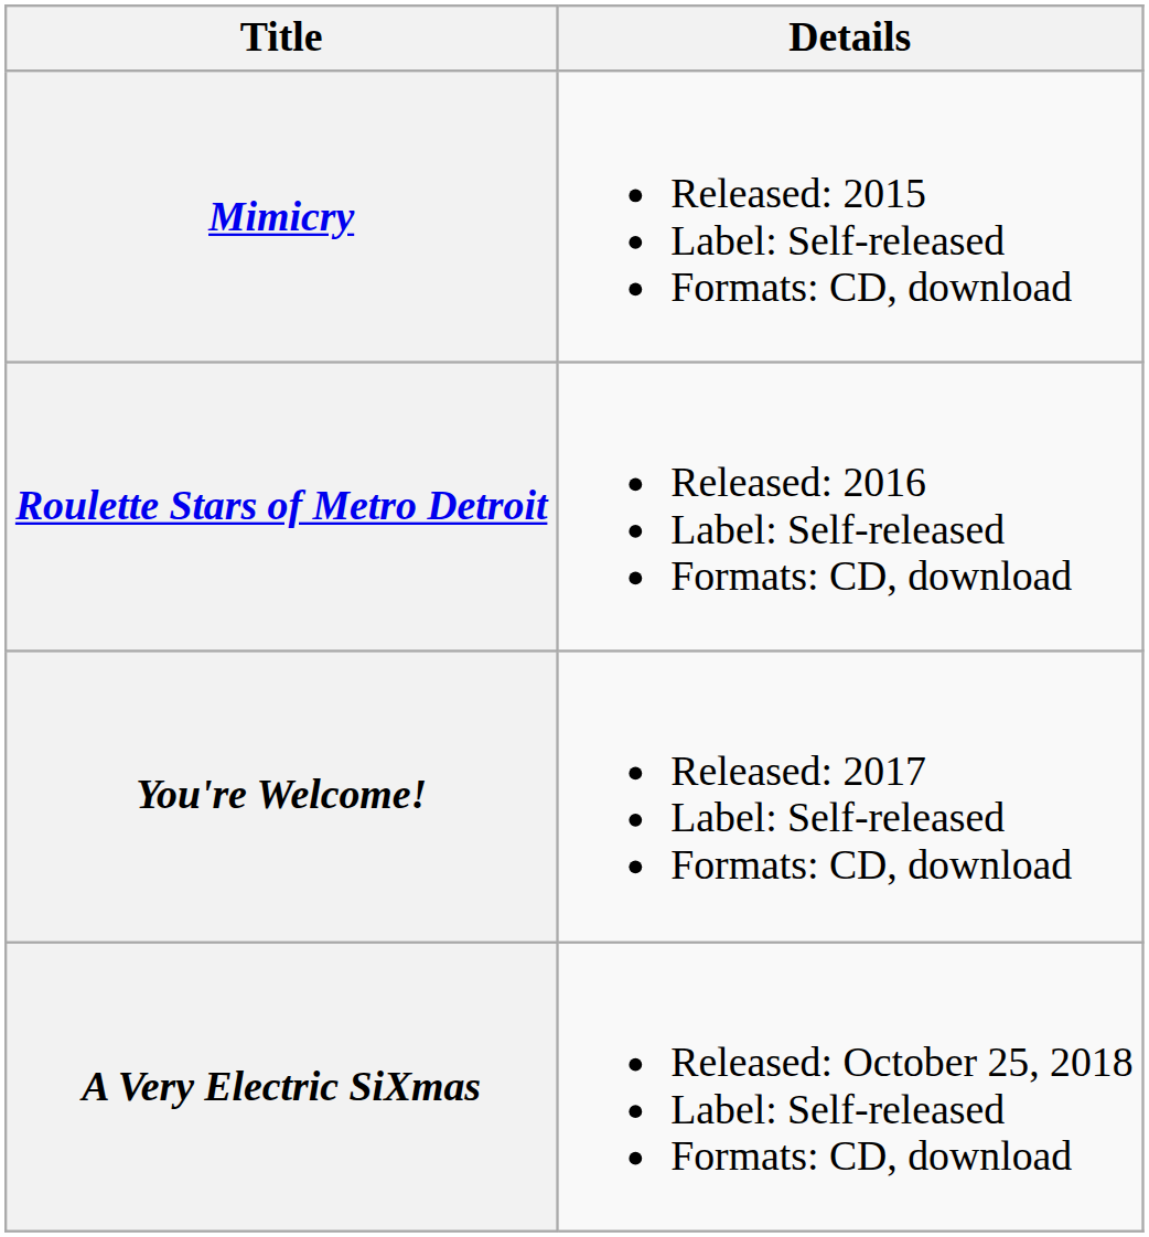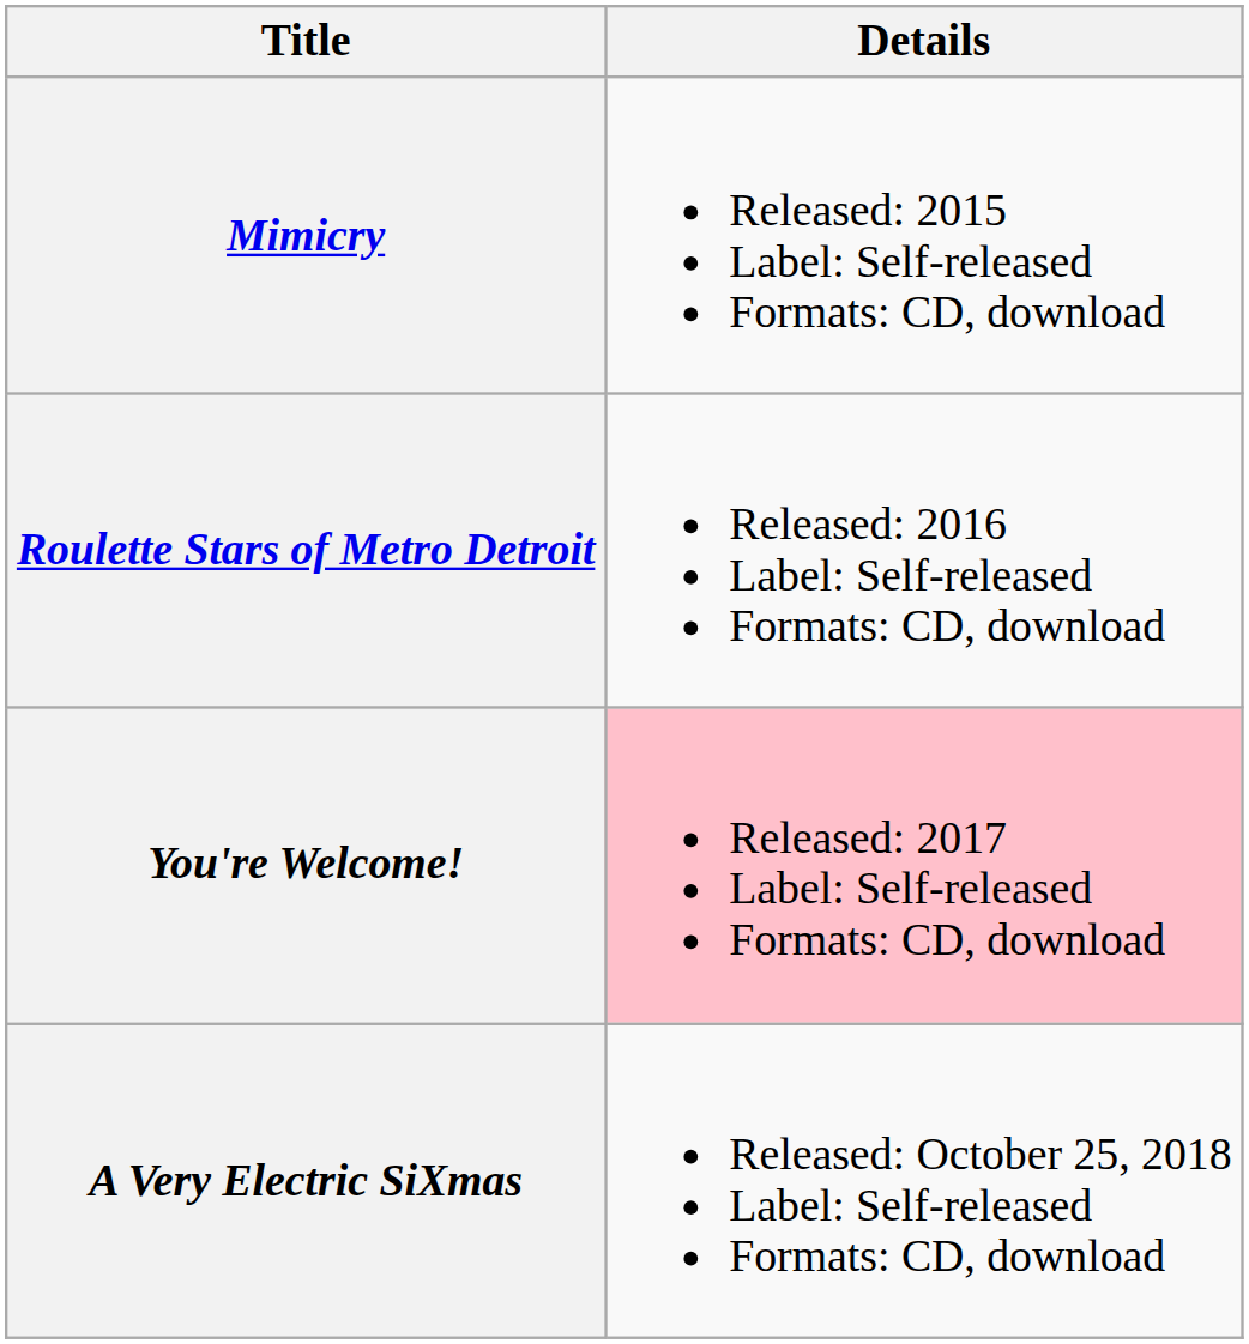 <table class="wikitable plainrowheaders">
 <tr>
 <th scope="col">Title</th>
 <th scope="col">Details</th>
 </tr>
 <tr>
 <th scope="row"><em><a href='#'>Mimicry</a></em></th>
 <td><br><ul><li>Released: 2015</li><li>Label: Self-released</li><li>Formats: CD, download</li></ul></td>
 </tr>
 <tr>
 <th scope="row"><em><a href='#'>Roulette Stars of Metro Detroit</a></em></th>
 <td><br><ul><li>Released: 2016</li><li>Label: Self-released</li><li>Formats: CD, download</li></ul></td>
 </tr>
 <tr>
 <th scope="row"><em>You're Welcome!</em></th>
-<td><br><ul><li>Released: 2017</li><li>Label: Self-released</li><li>Formats: CD, download</li></ul></td>
+<td style="background: pink;"><br><ul><li>Released: 2017</li><li>Label: Self-released</li><li>Formats: CD, download</li></ul></td>
 </tr>
 <tr>
 <th scope="row"><em>A Very Electric SiXmas</em></th>
 <td><br><ul><li>Released: October 25, 2018</li><li>Label: Self-released</li><li>Formats: CD, download</li></ul></td>
 </tr>
 </table>
